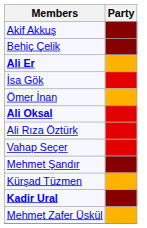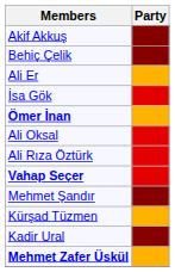 <table class=wikitable style="border:1px solid #8888aa; background-color:#f7f8ff; padding:0px; font-size:90%;">
 <tr>
 <th>Members</th>
 <th colspan="2">Party</th>
 </tr>
 <tr>
 <td><a href='#'>Akif Akkuş</a></td>
 <td style="background: #870000"></td>
 </tr>
 <tr>
 <td><a href='#'>Behiç Çelik</a></td>
 <td style="background: #870000"></td>
 </tr>
 <tr>
-<td><strong><a href='#'>Ali Er</a></strong></td>
+<td><a href='#'>Ali Er</a></td>
 <td style="background: #ffb300"></td>
 </tr>
 <tr>
 <td><a href='#'>İsa Gök</a></td>
 <td style="background: #e30000"></td>
 </tr>
 <tr>
-<td><a href='#'>Ömer İnan</a></td>
+<td><strong><a href='#'>Ömer İnan</a></strong></td>
 <td style="background: #ffb300"></td>
 </tr>
 <tr>
-<td><strong><a href='#'>Ali Oksal</a></strong></td>
+<td><a href='#'>Ali Oksal</a></td>
 <td style="background: #e30000"></td>
 </tr>
 <tr>
 <td><a href='#'>Ali Rıza Öztürk</a></td>
 <td style="background: #e30000"></td>
 </tr>
 <tr>
-<td><a href='#'>Vahap Seçer</a></td>
+<td><strong><a href='#'>Vahap Seçer</a></strong></td>
 <td style="background: #e30000"></td>
 </tr>
 <tr>
 <td><a href='#'>Mehmet Şandır</a></td>
 <td style="background: #870000"></td>
 </tr>
 <tr>
 <td><a href='#'>Kürşad Tüzmen</a></td>
 <td style="background: #ffb300"></td>
 </tr>
 <tr>
-<td><strong><a href='#'>Kadir Ural</a></strong></td>
+<td><a href='#'>Kadir Ural</a></td>
 <td style="background: #870000"></td>
 </tr>
 <tr>
-<td><a href='#'>Mehmet Zafer Üskül</a></td>
+<td><strong><a href='#'>Mehmet Zafer Üskül</a></strong></td>
 <td style="background: #ffb300"></td>
 </tr>
 <tr>
 </tr>
 </table>
